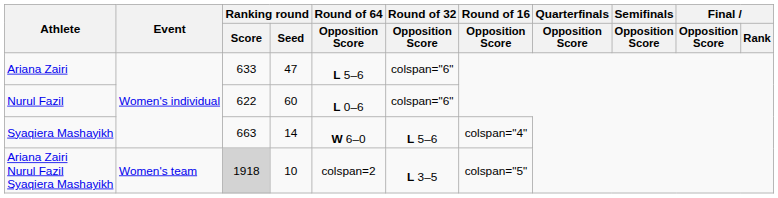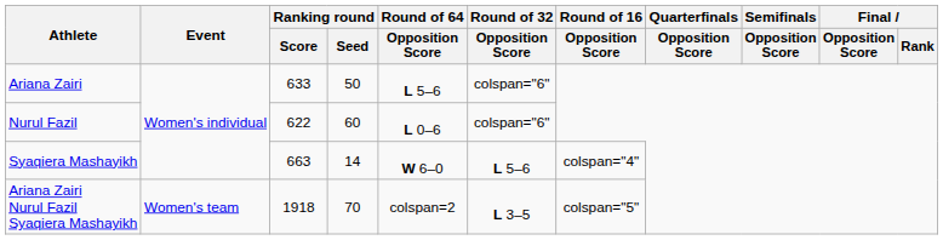 <table class="wikitable" style="font-size:90%; text-align:center">
 <tr>
 <th rowspan=2>Athlete</th>
 <th rowspan=2>Event</th>
 <th colspan="2">Ranking round</th>
 <th>Round of 64</th>
 <th>Round of 32</th>
 <th>Round of 16</th>
 <th>Quarterfinals</th>
 <th>Semifinals</th>
 <th colspan="2">Final / </th>
 </tr>
 <tr style="font-size:95%">
 <th>Score</th>
 <th>Seed</th>
 <th>Opposition<br>Score</th>
 <th>Opposition<br>Score</th>
 <th>Opposition<br>Score</th>
 <th>Opposition<br>Score</th>
 <th>Opposition<br>Score</th>
 <th>Opposition<br>Score</th>
 <th>Rank</th>
 </tr>
 <tr align=center>
 <td align=left><a href='#'>Ariana Zairi</a></td>
 <td align=left rowspan=3><a href='#'>Women's individual</a></td>
 <td>633</td>
-<td>47</td>
+<td>50</td>
 <td><br><strong>L</strong> 5–6</td>
 <td>colspan="6" </td>
 </tr>
 <tr align=center>
 <td align=left><a href='#'>Nurul Fazil</a></td>
 <td>622</td>
 <td>60</td>
 <td><br><strong>L</strong> 0–6</td>
 <td>colspan="6" </td>
 </tr>
 <tr align=center>
 <td align=left><a href='#'>Syaqiera Mashayikh</a></td>
 <td>663</td>
 <td>14</td>
 <td><br><strong>W</strong> 6–0</td>
 <td><br><strong>L</strong> 5–6</td>
 <td>colspan="4" </td>
 </tr>
 <tr align=center>
 <td align=left><a href='#'>Ariana Zairi</a><br><a href='#'>Nurul Fazil</a><br><a href='#'>Syaqiera Mashayikh</a></td>
 <td align=left><a href='#'>Women's team</a></td>
-<td style="background: lightgrey;">1918</td>
-<td>10</td>
+<td>1918</td>
+<td>70</td>
 <td>colspan=2 </td>
 <td><br><strong>L</strong> 3–5</td>
 <td>colspan="5" </td>
 </tr>
 </table>
